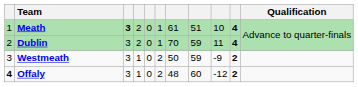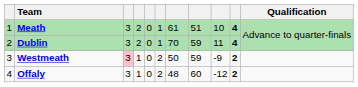 <table class="wikitable">
 <tr>
 <th width="10"></th>
 <th width="170" style="text-align:left;">Team</th>
 <th width="10"></th>
 <th width="10"></th>
 <th width="10"></th>
 <th width="10"></th>
 <th width="30"></th>
 <th width="30"></th>
 <th width="10"></th>
 <th width="10"></th>
 <th>Qualification</th>
 </tr>
 <tr style="background:#ace1af">
 <td>1</td>
 <td align="left"><strong> <a href='#'>Meath</a></strong></td>
-<td><strong>3</strong></td>
+<td>3</td>
 <td>2</td>
 <td>0</td>
 <td>1</td>
 <td>61</td>
 <td>51</td>
 <td>10</td>
 <td><strong>4</strong></td>
 <td rowspan=2>Advance to quarter-finals</td>
 </tr>
 <tr style="background:#ace1af">
 <td>2</td>
 <td align="left"><strong> <a href='#'>Dublin</a></strong></td>
 <td>3</td>
 <td>2</td>
 <td>0</td>
 <td>1</td>
 <td>70</td>
 <td>59</td>
 <td>11</td>
 <td><strong>4</strong></td>
 </tr>
 <tr>
 <td>3</td>
 <td align="left"><strong> <a href='#'>Westmeath</a></strong></td>
-<td>3</td>
+<td style="background: pink;">3</td>
 <td>1</td>
 <td>0</td>
 <td>2</td>
 <td>50</td>
 <td>59</td>
 <td>-9</td>
 <td><strong>2</strong></td>
 <td></td>
 </tr>
 <tr>
-<td><strong>4</strong></td>
+<td>4</td>
 <td align="left"><strong> <a href='#'>Offaly</a></strong></td>
 <td>3</td>
 <td>1</td>
 <td>0</td>
 <td>2</td>
 <td>48</td>
 <td>60</td>
 <td>-12</td>
 <td><strong>2</strong></td>
 <td></td>
 </tr>
 </table>
